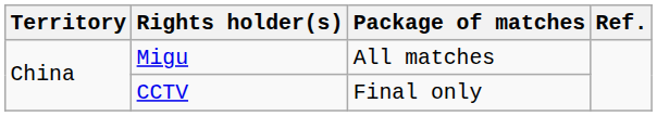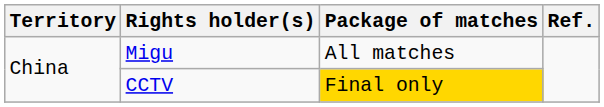 <table class="wikitable">
 <tr>
 <th>Territory</th>
 <th>Rights holder(s)</th>
 <th>Package of matches</th>
 <th>Ref.</th>
 </tr>
 <tr>
 <td rowspan="2">China</td>
 <td><a href='#'>Migu</a></td>
 <td>All matches</td>
 <td rowspan="2"></td>
 </tr>
 <tr>
 <td><a href='#'>CCTV</a></td>
-<td>Final only</td>
+<td style="background: gold;">Final only</td>
 </tr>
 </table>
